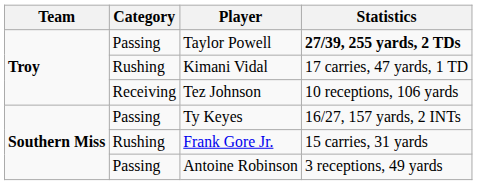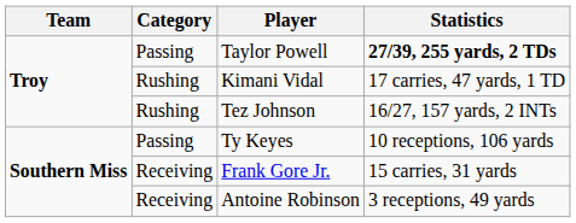 <table class="wikitable" style="float: left;">
 <tr>
 <th>Team</th>
 <th>Category</th>
 <th>Player</th>
 <th>Statistics</th>
 </tr>
 <tr>
 <td rowspan=3><strong>Troy</strong></td>
 <td>Passing</td>
 <td>Taylor Powell</td>
 <td><strong>27/39, 255 yards, 2 TDs</strong></td>
 </tr>
 <tr>
 <td>Rushing</td>
 <td>Kimani Vidal</td>
 <td>17 carries, 47 yards, 1 TD</td>
 </tr>
 <tr>
-<td>Receiving</td>
+<td>Rushing</td>
 <td>Tez Johnson</td>
-<td>10 receptions, 106 yards</td>
+<td>16/27, 157 yards, 2 INTs</td>
 </tr>
 <tr>
 <td rowspan=3><strong>Southern Miss</strong></td>
 <td>Passing</td>
 <td>Ty Keyes</td>
-<td>16/27, 157 yards, 2 INTs</td>
+<td>10 receptions, 106 yards</td>
 </tr>
 <tr>
-<td>Rushing</td>
+<td>Receiving</td>
 <td><a href='#'>Frank Gore Jr.</a></td>
 <td>15 carries, 31 yards</td>
 </tr>
 <tr>
-<td>Passing</td>
+<td>Receiving</td>
 <td>Antoine Robinson</td>
 <td>3 receptions, 49 yards</td>
 </tr>
 </table>
